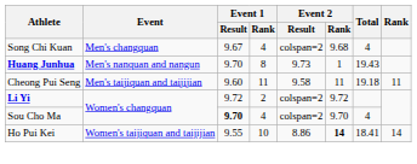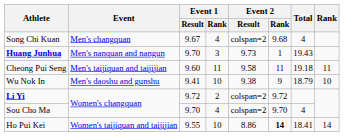 <table class=wikitable style=font-size:90%;text-align:center>
 <tr>
 <th rowspan="2">Athlete</th>
 <th rowspan="2">Event</th>
 <th colspan="2">Event 1</th>
 <th colspan="2">Event 2</th>
 <th rowspan="2">Total</th>
 <th rowspan="2">Rank</th>
 </tr>
 <tr style="font-size:95%">
 <th>Result</th>
 <th>Rank</th>
 <th>Result</th>
 <th>Rank</th>
 </tr>
 <tr>
 <td align=left>Song Chi Kuan</td>
 <td align=left><a href='#'>Men's changquan</a></td>
 <td>9.67</td>
 <td>4</td>
 <td>colspan=2 </td>
 <td>9.68</td>
 <td>4</td>
 </tr>
 <tr>
 <td align=left><strong><a href='#'>Huang Junhua</a></strong></td>
 <td align=left><a href='#'>Men's nanquan and nangun</a></td>
 <td>9.70</td>
-<td>8</td>
+<td>3</td>
 <td>9.73</td>
 <td>1</td>
 <td>19.43</td>
 <td></td>
 </tr>
 <tr>
 <td align=left>Cheong Pui Seng</td>
 <td align=left><a href='#'>Men's taijiquan and taijijian</a></td>
 <td>9.60</td>
 <td>11</td>
 <td>9.58</td>
 <td>11</td>
 <td>19.18</td>
 <td>11</td>
 </tr>
 <tr>
+<td align=left>Wu Nok In</td>
+<td align=left><a href='#'>Men's daoshu and gunshu</a></td>
+<td>9.41</td>
+<td>10</td>
+<td>9.38</td>
+<td>9</td>
+<td>18.79</td>
+<td>10</td>
+</tr>
+<tr>
 <td align=left><strong><a href='#'>Li Yi</a></strong></td>
 <td align=left rowspan=2><a href='#'>Women's changquan</a></td>
 <td>9.72</td>
 <td>2</td>
 <td>colspan=2 </td>
 <td>9.72</td>
 <td></td>
 </tr>
 <tr>
 <td align=left>Sou Cho Ma</td>
-<td><strong>9.70</strong></td>
+<td>9.70</td>
 <td>4</td>
 <td>colspan=2 </td>
 <td>9.70</td>
 <td>4</td>
 </tr>
 <tr>
 <td align=left>Ho Pui Kei</td>
 <td align=left><a href='#'>Women's taijiquan and taijijian</a></td>
 <td>9.55</td>
 <td>10</td>
 <td>8.86</td>
 <td><strong>14</strong></td>
 <td>18.41</td>
 <td>14</td>
 </tr>
 </table>
